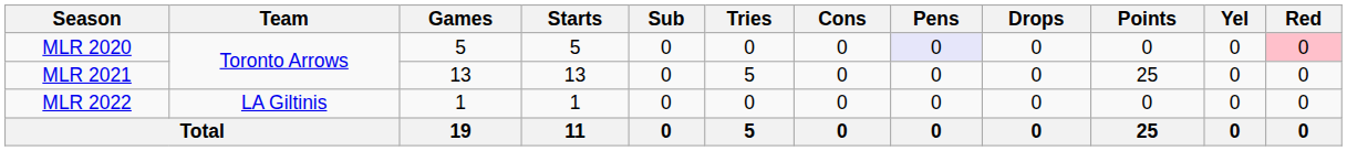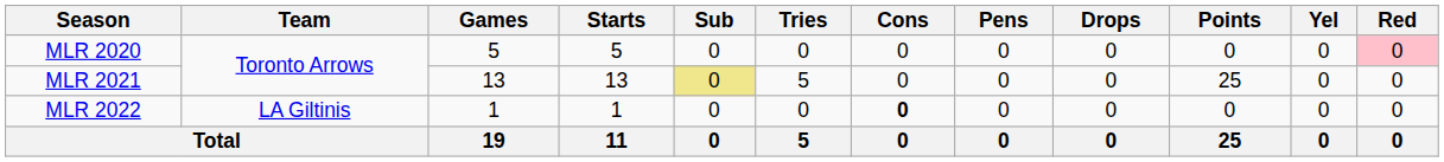 <table class="wikitable" style="text-align:center; line-height:100%; font-size:100%; width:70%;">
 <tr>
 <th>Season</th>
 <th>Team</th>
 <th>Games</th>
 <th>Starts</th>
 <th>Sub</th>
 <th>Tries</th>
 <th>Cons</th>
 <th>Pens</th>
 <th>Drops</th>
 <th>Points</th>
 <th>Yel</th>
 <th>Red</th>
 </tr>
 <tr>
 <td><a href='#'>MLR 2020</a></td>
 <td rowspan="2"><a href='#'>Toronto Arrows</a></td>
 <td>5</td>
 <td>5</td>
 <td>0</td>
 <td>0</td>
 <td>0</td>
-<td style="background: lavender;">0</td>
+<td>0</td>
 <td>0</td>
 <td>0</td>
 <td>0</td>
 <td style="background: pink;">0</td>
 </tr>
 <tr>
 <td><a href='#'>MLR 2021</a></td>
 <td>13</td>
 <td>13</td>
-<td>0</td>
+<td style="background: khaki;">0</td>
 <td>5</td>
 <td>0</td>
 <td>0</td>
 <td>0</td>
 <td>25</td>
 <td>0</td>
 <td>0</td>
 </tr>
 <tr>
 <td><a href='#'>MLR 2022</a></td>
 <td><a href='#'>LA Giltinis</a></td>
 <td>1</td>
 <td>1</td>
 <td>0</td>
 <td>0</td>
-<td>0</td>
+<td><strong>0</strong></td>
 <td>0</td>
 <td>0</td>
 <td>0</td>
 <td>0</td>
 <td>0</td>
 </tr>
 <tr>
 <th colspan="2">Total</th>
 <th>19</th>
 <th>11</th>
 <th>0</th>
 <th>5</th>
 <th>0</th>
 <th>0</th>
 <th>0</th>
 <th>25</th>
 <th>0</th>
 <th>0</th>
 </tr>
 </table>
